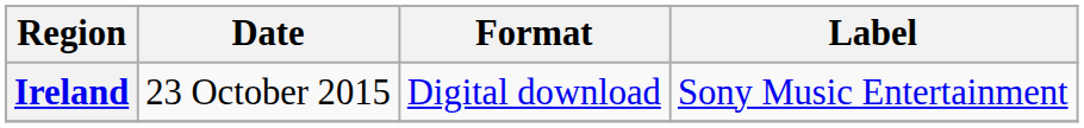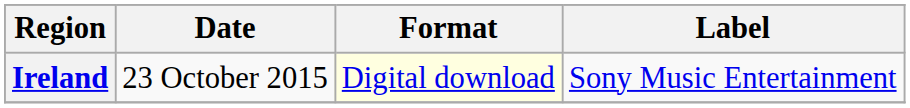 <table class="wikitable sortable plainrowheaders">
 <tr>
 <th scope="col">Region</th>
 <th scope="col">Date</th>
 <th scope="col">Format</th>
 <th scope="col">Label</th>
 </tr>
 <tr>
 <th scope="row"><a href='#'>Ireland</a></th>
 <td>23 October 2015</td>
-<td><a href='#'>Digital download</a></td>
+<td style="background: lightyellow;"><a href='#'>Digital download</a></td>
 <td><a href='#'>Sony Music Entertainment</a></td>
 </tr>
 <tr>
 </tr>
 </table>
